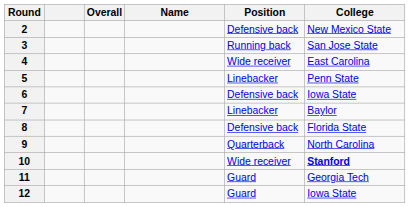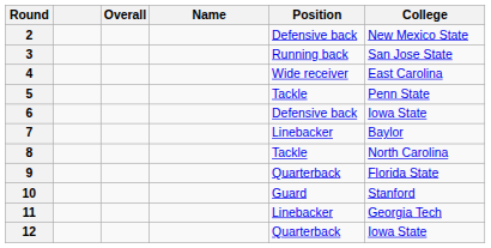 <table class="wikitable sortable">
 <tr>
 <th scope="col" style="width: 10%;">Round</th>
 <th scope="col" style="width: 10%;"></th>
 <th scope="col" style="width: 10%;">Overall</th>
 <th scope="col" style="width: 25%;">Name</th>
 <th scope="col" style="width: 20%;">Position</th>
 <th scope="col" style="width: 25%;">College</th>
 </tr>
 <tr>
 <th scope="row">2</th>
 <td></td>
 <td></td>
 <td></td>
 <td><a href='#'>Defensive back</a></td>
 <td><a href='#'>New Mexico State</a></td>
 </tr>
 <tr>
 <th scope="row">3</th>
 <td></td>
 <td></td>
 <td></td>
 <td><a href='#'>Running back</a></td>
 <td><a href='#'>San Jose State</a></td>
 </tr>
 <tr>
 <th scope="row">4</th>
 <td></td>
 <td></td>
 <td></td>
 <td><a href='#'>Wide receiver</a></td>
 <td><a href='#'>East Carolina</a></td>
 </tr>
 <tr>
 <th scope="row">5</th>
 <td></td>
 <td></td>
 <td></td>
-<td><a href='#'>Linebacker</a></td>
+<td><a href='#'>Tackle</a></td>
 <td><a href='#'>Penn State</a></td>
 </tr>
 <tr>
 <th scope="row">6</th>
 <td></td>
 <td></td>
 <td></td>
 <td><a href='#'>Defensive back</a></td>
 <td><a href='#'>Iowa State</a></td>
 </tr>
 <tr>
 <th scope="row">7</th>
 <td></td>
 <td></td>
 <td></td>
 <td><a href='#'>Linebacker</a></td>
 <td><a href='#'>Baylor</a></td>
 </tr>
 <tr>
 <th scope="row">8</th>
 <td></td>
 <td></td>
 <td></td>
-<td><a href='#'>Defensive back</a></td>
-<td><a href='#'>Florida State</a></td>
+<td><a href='#'>Tackle</a></td>
+<td><a href='#'>North Carolina</a></td>
 </tr>
 <tr>
 <th scope="row">9</th>
 <td></td>
 <td></td>
 <td></td>
 <td><a href='#'>Quarterback</a></td>
-<td><a href='#'>North Carolina</a></td>
+<td><a href='#'>Florida State</a></td>
 </tr>
 <tr>
 <th scope="row">10</th>
 <td></td>
 <td></td>
 <td></td>
-<td><a href='#'>Wide receiver</a></td>
-<td><strong><a href='#'>Stanford</a></strong></td>
+<td><a href='#'>Guard</a></td>
+<td><a href='#'>Stanford</a></td>
 </tr>
 <tr>
 <th scope="row">11</th>
 <td></td>
 <td></td>
 <td></td>
-<td><a href='#'>Guard</a></td>
+<td><a href='#'>Linebacker</a></td>
 <td><a href='#'>Georgia Tech</a></td>
 </tr>
 <tr>
 <th scope="row">12</th>
 <td></td>
 <td></td>
 <td></td>
-<td><a href='#'>Guard</a></td>
+<td><a href='#'>Quarterback</a></td>
 <td><a href='#'>Iowa State</a></td>
 </tr>
 </table>
